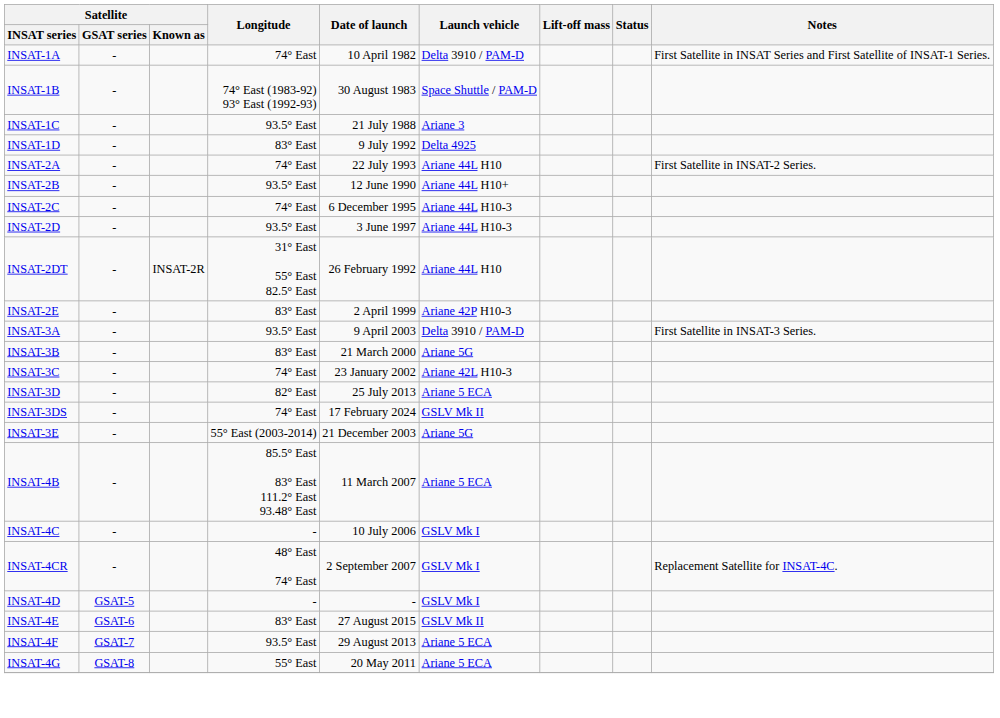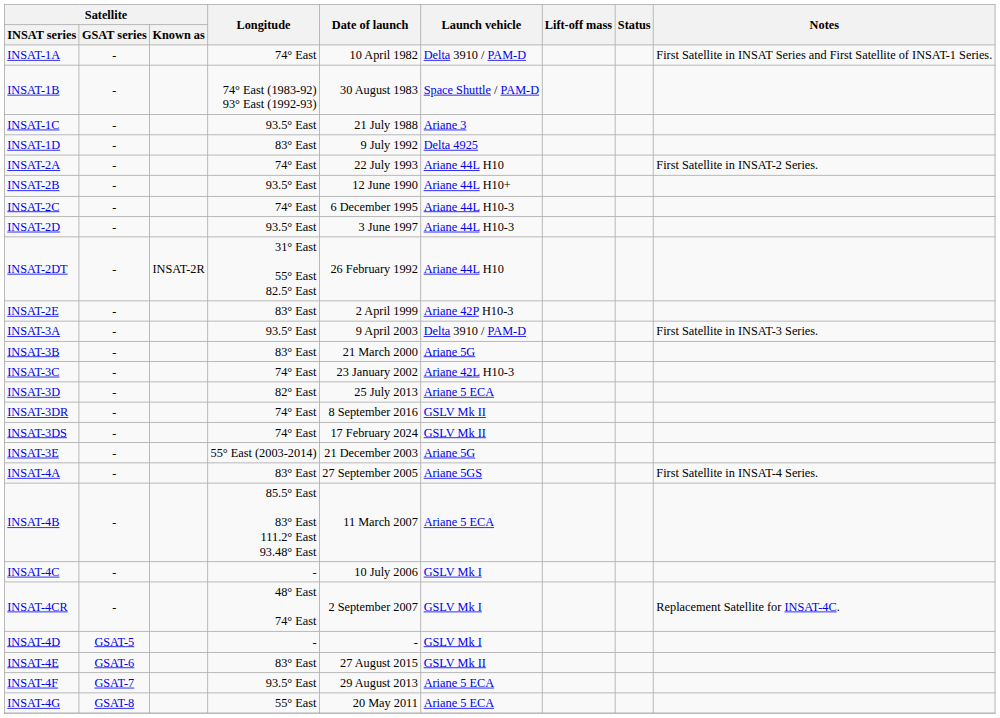 <table style="font-size:95%;" class="wikitable sortable">
 <tr>
 <th style="text-align:center;" colspan="3">Satellite</th>
 <th style="text-align:center;" rowspan="2" Unsorted>Longitude</th>
 <th style="text-align:center;" rowspan="2">Date of launch</th>
 <th style="text-align:center;" rowspan="2">Launch vehicle</th>
 <th style="text-align:center;" rowspan="2">Lift-off mass</th>
 <th style="text-align:center;" rowspan="2">Status</th>
 <th style="text-align:center;" rowspan="2"  Unsorted>Notes</th>
 </tr>
 <tr>
 <th style="text-align:center;">INSAT series</th>
 <th style="text-align:center;">GSAT series</th>
 <th style="text-align:center;">Known as</th>
 </tr>
 <tr>
 <td><a href='#'>INSAT-1A</a></td>
 <td style="text-align:center;">-</td>
 <td></td>
 <td style="text-align:right;" nowrap>74° East</td>
 <td style="text-align:right;">10 April 1982</td>
 <td> <a href='#'>Delta</a> 3910 / <a href='#'>PAM-D</a></td>
 <td style="text-align:center;"></td>
 <td></td>
 <td>First Satellite in INSAT Series and First Satellite of INSAT-1 Series.</td>
 </tr>
 <tr>
 <td><a href='#'>INSAT-1B</a></td>
 <td style="text-align:center;">-</td>
 <td></td>
 <td style="text-align:right;" nowrap><br>74° East (1983-92)<br> 93° East (1992-93)</td>
 <td style="text-align:right;">30 August 1983</td>
 <td> <a href='#'>Space Shuttle</a> / <a href='#'>PAM-D</a></td>
 <td style="text-align:center;"></td>
 <td></td>
 <td></td>
 </tr>
 <tr>
 <td><a href='#'>INSAT-1C</a></td>
 <td style="text-align:center;">-</td>
 <td></td>
 <td style="text-align:right;" nowrap>93.5° East</td>
 <td style="text-align:right;">21 July 1988</td>
 <td> <a href='#'>Ariane 3</a></td>
 <td style="text-align:center;"></td>
 <td></td>
 <td></td>
 </tr>
 <tr>
 <td><a href='#'>INSAT-1D</a></td>
 <td style="text-align:center;">-</td>
 <td></td>
 <td style="text-align:right;" nowrap>83° East</td>
 <td style="text-align:right;">9 July 1992</td>
 <td> <a href='#'>Delta 4925</a></td>
 <td style="text-align:center;"></td>
 <td></td>
 <td></td>
 </tr>
 <tr>
 <td><a href='#'>INSAT-2A</a></td>
 <td style="text-align:center;">-</td>
 <td></td>
 <td style="text-align:right;" nowrap>74° East</td>
 <td style="text-align:right;">22 July 1993</td>
 <td> <a href='#'>Ariane 44L</a> H10</td>
 <td style="text-align:center;"></td>
 <td></td>
 <td>First Satellite in INSAT-2 Series.</td>
 </tr>
 <tr>
 <td><a href='#'>INSAT-2B</a></td>
 <td style="text-align:center;">-</td>
 <td></td>
 <td style="text-align:right;" nowrap>93.5° East</td>
 <td style="text-align:right;">12 June 1990</td>
 <td> <a href='#'>Ariane 44L</a> H10+</td>
 <td style="text-align:center;"></td>
 <td></td>
 <td></td>
 </tr>
 <tr>
 <td><a href='#'>INSAT-2C</a></td>
 <td style="text-align:center;">-</td>
 <td></td>
 <td style="text-align:right;" nowrap>74° East</td>
 <td style="text-align:right;">6 December 1995</td>
 <td> <a href='#'>Ariane 44L</a> H10-3</td>
 <td style="text-align:center;"></td>
 <td></td>
 <td></td>
 </tr>
 <tr>
 <td><a href='#'>INSAT-2D</a></td>
 <td style="text-align:center;">-</td>
 <td></td>
 <td style="text-align:right;" nowrap>93.5° East</td>
 <td style="text-align:right;">3 June 1997</td>
 <td> <a href='#'>Ariane 44L</a> H10-3</td>
 <td style="text-align:center;"></td>
 <td></td>
 <td></td>
 </tr>
 <tr>
 <td><a href='#'>INSAT-2DT</a></td>
 <td style="text-align:center;">-</td>
 <td>INSAT-2R</td>
 <td style="text-align:right;" nowrap>31° East<br><br>55° East<br> 82.5° East</td>
 <td style="text-align:right;">26 February 1992</td>
 <td> <a href='#'>Ariane 44L</a> H10</td>
 <td style="text-align:center;"></td>
 <td></td>
 <td></td>
 </tr>
 <tr>
 <td><a href='#'>INSAT-2E</a></td>
 <td style="text-align:center;">-</td>
 <td></td>
 <td style="text-align:right;" nowrap>83° East</td>
 <td style="text-align:right;">2 April 1999</td>
 <td> <a href='#'>Ariane 42P</a> H10-3</td>
 <td style="text-align:center;"></td>
 <td></td>
 <td></td>
 </tr>
 <tr>
 <td><a href='#'>INSAT-3A</a></td>
 <td style="text-align:center;">-</td>
 <td></td>
 <td style="text-align:right;" nowrap>93.5° East</td>
 <td style="text-align:right;">9 April 2003</td>
 <td> <a href='#'>Delta</a> 3910 / <a href='#'>PAM-D</a></td>
 <td style="text-align:center;"></td>
 <td></td>
 <td>First Satellite in INSAT-3 Series.</td>
 </tr>
 <tr>
 <td><a href='#'>INSAT-3B</a></td>
 <td style="text-align:center;">-</td>
 <td></td>
 <td style="text-align:right;" nowrap>83° East</td>
 <td style="text-align:right;">21 March 2000</td>
 <td> <a href='#'>Ariane 5G</a></td>
 <td style="text-align:center;"></td>
 <td></td>
 <td></td>
 </tr>
 <tr>
 <td><a href='#'>INSAT-3C</a></td>
 <td style="text-align:center;">-</td>
 <td></td>
 <td style="text-align:right;" nowrap>74° East</td>
 <td style="text-align:right;">23 January 2002</td>
 <td> <a href='#'>Ariane 42L</a> H10-3</td>
 <td style="text-align:center;"></td>
 <td></td>
 <td></td>
 </tr>
 <tr>
 <td><a href='#'>INSAT-3D</a></td>
 <td style="text-align:center;">-</td>
 <td></td>
 <td style="text-align:right;" nowrap>82° East</td>
 <td style="text-align:right;">25 July 2013</td>
 <td> <a href='#'>Ariane 5 ECA</a></td>
 <td style="text-align:center;"></td>
 <td></td>
 <td></td>
 </tr>
 <tr>
+<td><a href='#'>INSAT-3DR</a></td>
+<td style="text-align:center;">-</td>
+<td></td>
+<td style="text-align:right;" nowrap>74° East</td>
+<td style="text-align:right;">8 September 2016</td>
+<td> <a href='#'>GSLV Mk II</a></td>
+<td style="text-align:center;"></td>
+<td></td>
+<td></td>
+</tr>
+<tr>
 <td><a href='#'>INSAT-3DS</a></td>
 <td style="text-align:center;">-</td>
 <td></td>
 <td style="text-align:right;" nowrap>74° East</td>
 <td style="text-align:right;">17 February 2024</td>
 <td> <a href='#'>GSLV Mk II</a></td>
 <td style="text-align:center;"></td>
 <td></td>
 <td></td>
 </tr>
 <tr>
 <td><a href='#'>INSAT-3E</a></td>
 <td style="text-align:center;">-</td>
 <td></td>
 <td style="text-align:right;" nowrap>55° East (2003-2014)</td>
 <td style="text-align:right;">21 December 2003</td>
 <td> <a href='#'>Ariane 5G</a></td>
 <td style="text-align:center;"></td>
 <td></td>
 <td></td>
+</tr>
+<tr>
+<td><a href='#'>INSAT-4A</a></td>
+<td style="text-align:center;">-</td>
+<td></td>
+<td style="text-align:right;" nowrap>83° East</td>
+<td style="text-align:right;">27 September 2005</td>
+<td> <a href='#'>Ariane 5GS</a></td>
+<td style="text-align:center;"></td>
+<td></td>
+<td>First Satellite in INSAT-4 Series.</td>
 </tr>
 <tr>
 <td><a href='#'>INSAT-4B</a></td>
 <td style="text-align:center;">-</td>
 <td></td>
 <td style="text-align:right;" nowrap>85.5° East <br><br>83° East <br> 111.2° East <br> 93.48° East</td>
 <td style="text-align:right;">11 March 2007</td>
 <td> <a href='#'>Ariane 5 ECA</a></td>
 <td style="text-align:center;"></td>
 <td></td>
 <td></td>
 </tr>
 <tr>
 <td><a href='#'>INSAT-4C</a></td>
 <td style="text-align:center;">-</td>
 <td></td>
 <td style="text-align:right;" nowrap>-</td>
 <td style="text-align:right;">10 July 2006</td>
 <td> <a href='#'>GSLV Mk I</a></td>
 <td style="text-align:center;"></td>
 <td></td>
 <td></td>
 </tr>
 <tr>
 <td><a href='#'>INSAT-4CR</a></td>
 <td style="text-align:center;">-</td>
 <td></td>
 <td style="text-align:right;" nowrap>48° East <br><br>74° East</td>
 <td style="text-align:right;">2 September 2007</td>
 <td> <a href='#'>GSLV  Mk I</a></td>
 <td style="text-align:center;"></td>
 <td></td>
 <td>Replacement Satellite for <a href='#'>INSAT-4C</a>.</td>
 </tr>
 <tr>
 <td><a href='#'>INSAT-4D</a></td>
 <td style="text-align:center;"><a href='#'>GSAT-5</a></td>
 <td></td>
 <td style="text-align:right;" nowrap>-</td>
 <td style="text-align:right;">-</td>
 <td> <a href='#'>GSLV Mk I</a></td>
 <td style="text-align:center;"></td>
 <td></td>
 <td></td>
 </tr>
 <tr>
 <td><a href='#'>INSAT-4E</a></td>
 <td style="text-align:center;"><a href='#'>GSAT-6</a></td>
 <td></td>
 <td style="text-align:right;" nowrap>83° East</td>
 <td style="text-align:right;">27 August 2015</td>
 <td> <a href='#'>GSLV Mk II</a></td>
 <td style="text-align:center;"></td>
 <td></td>
 <td></td>
 </tr>
 <tr>
 <td><a href='#'>INSAT-4F</a></td>
 <td style="text-align:center;"><a href='#'>GSAT-7</a></td>
 <td></td>
 <td style="text-align:right;" nowrap>93.5° East</td>
 <td style="text-align:right;">29 August 2013</td>
 <td> <a href='#'>Ariane 5 ECA</a></td>
 <td style="text-align:center;"></td>
 <td></td>
 <td></td>
 </tr>
 <tr>
 <td><a href='#'>INSAT-4G</a></td>
 <td style="text-align:center;"><a href='#'>GSAT-8</a></td>
 <td></td>
 <td style="text-align:right;" nowrap>55° East</td>
 <td style="text-align:right;">20 May 2011</td>
 <td> <a href='#'>Ariane 5 ECA</a></td>
 <td style="text-align:center;"></td>
 <td></td>
 <td></td>
 </tr>
 <tr>
 </tr>
 </table>
